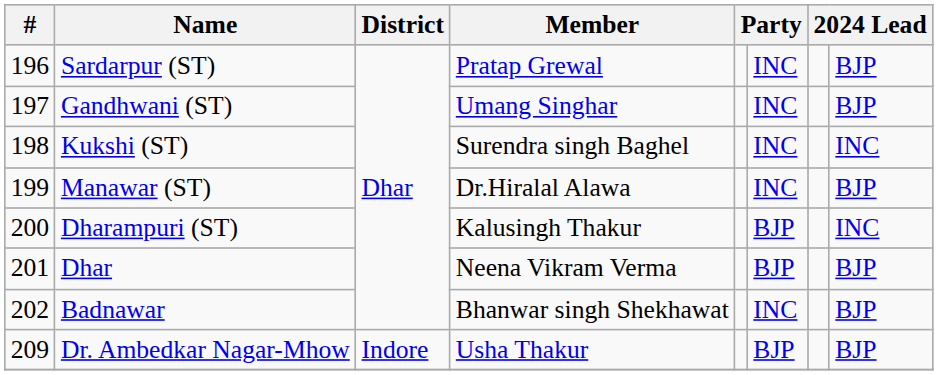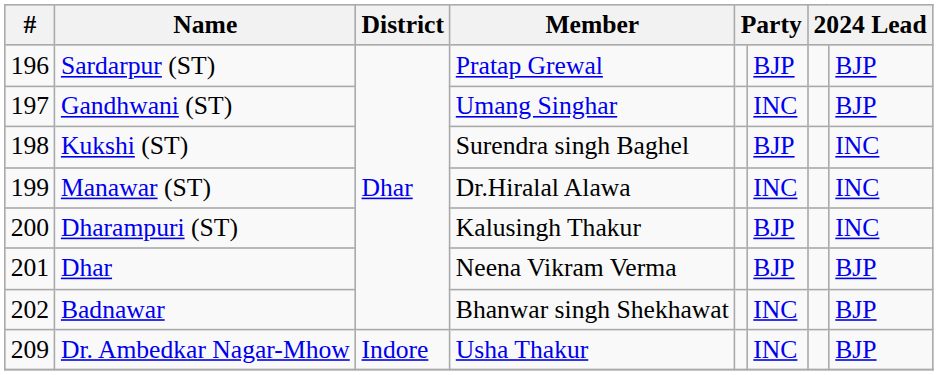 <table class="wikitable">
 <tr>
 <th>#</th>
 <th>Name</th>
 <th>District</th>
 <th>Member</th>
 <th colspan="2">Party</th>
 <th colspan="2">2024 Lead</th>
 </tr>
 <tr>
 <td>196</td>
 <td><a href='#'>Sardarpur</a> (ST)</td>
 <td rowspan="7"><a href='#'>Dhar</a></td>
 <td><a href='#'>Pratap Grewal</a></td>
 <td style="background-color: "></td>
-<td><a href='#'>INC</a></td>
+<td><a href='#'>BJP</a></td>
 <td style="background-color: "></td>
 <td><a href='#'>BJP</a></td>
 </tr>
 <tr>
 <td>197</td>
 <td><a href='#'>Gandhwani</a> (ST)</td>
 <td><a href='#'>Umang Singhar</a></td>
 <td style="background-color: "></td>
 <td><a href='#'>INC</a></td>
 <td style="background-color: "></td>
 <td><a href='#'>BJP</a></td>
 </tr>
 <tr>
 <td>198</td>
 <td><a href='#'>Kukshi</a> (ST)</td>
 <td>Surendra singh Baghel</td>
 <td style="background-color: "></td>
-<td><a href='#'>INC</a></td>
+<td><a href='#'>BJP</a></td>
 <td style="background-color: "></td>
 <td><a href='#'>INC</a></td>
 </tr>
 <tr>
 <td>199</td>
 <td><a href='#'>Manawar</a> (ST)</td>
 <td>Dr.Hiralal Alawa</td>
 <td style="background-color: "></td>
 <td><a href='#'>INC</a></td>
 <td style="background-color: "></td>
-<td><a href='#'>BJP</a></td>
+<td><a href='#'>INC</a></td>
 </tr>
 <tr>
 <td>200</td>
 <td><a href='#'>Dharampuri</a> (ST)</td>
 <td>Kalusingh Thakur</td>
 <td style="background-color: "></td>
 <td><a href='#'>BJP</a></td>
 <td style="background-color: "></td>
 <td><a href='#'>INC</a></td>
 </tr>
 <tr>
 <td>201</td>
 <td><a href='#'>Dhar</a></td>
 <td>Neena Vikram Verma</td>
 <td style="background-color: "></td>
 <td><a href='#'>BJP</a></td>
 <td style="background-color: "></td>
 <td><a href='#'>BJP</a></td>
 </tr>
 <tr>
 <td>202</td>
 <td><a href='#'>Badnawar</a></td>
 <td>Bhanwar singh Shekhawat</td>
 <td style="background-color: "></td>
 <td><a href='#'>INC</a></td>
 <td style="background-color: "></td>
 <td><a href='#'>BJP</a></td>
 </tr>
 <tr>
 <td>209</td>
 <td><a href='#'>Dr. Ambedkar Nagar-Mhow</a></td>
 <td><a href='#'>Indore</a></td>
 <td><a href='#'>Usha Thakur</a></td>
 <td style="background-color: "></td>
-<td><a href='#'>BJP</a></td>
+<td><a href='#'>INC</a></td>
 <td style="background-color: "></td>
 <td><a href='#'>BJP</a></td>
 </tr>
 <tr>
 </tr>
 </table>
